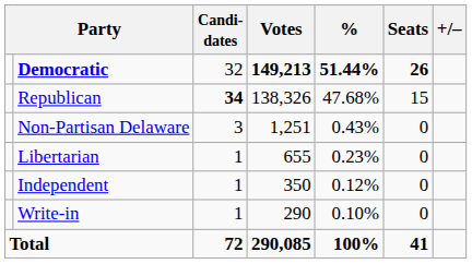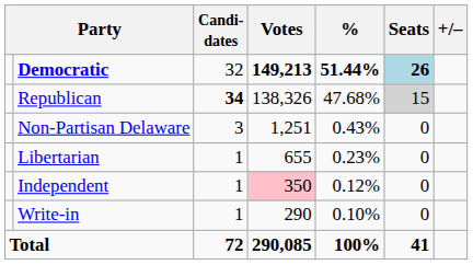 <table class="wikitable" style="font-size:100%; text-align:right;">
 <tr>
 <th colspan=2>Party</th>
 <th><small>Candi-<br>dates</small></th>
 <th>Votes</th>
 <th>%</th>
 <th>Seats</th>
 <th>+/–</th>
 </tr>
 <tr>
 <td style="background:"></td>
 <td align=left><strong><a href='#'>Democratic</a></strong></td>
 <td>32</td>
 <td><strong>149,213</strong></td>
 <td><strong>51.44%</strong></td>
-<td><strong>26</strong></td>
+<td style="background: lightblue;"><strong>26</strong></td>
 <td></td>
 </tr>
 <tr>
 <td style="background:"></td>
 <td align=left><a href='#'>Republican</a></td>
 <td><strong>34</strong></td>
 <td>138,326</td>
 <td>47.68%</td>
-<td>15</td>
+<td style="background: lightgrey;">15</td>
 <td></td>
 </tr>
 <tr>
 <td style="background:"></td>
 <td align=left><a href='#'>Non-Partisan Delaware</a></td>
 <td>3</td>
 <td>1,251</td>
 <td>0.43%</td>
 <td>0</td>
 <td></td>
 </tr>
 <tr>
 <td style="background:"></td>
 <td align=left><a href='#'>Libertarian</a></td>
 <td>1</td>
 <td>655</td>
 <td>0.23%</td>
 <td>0</td>
 <td></td>
 </tr>
 <tr>
 <td style="background:"></td>
 <td align=left><a href='#'>Independent</a></td>
 <td>1</td>
-<td>350</td>
+<td style="background: pink;">350</td>
 <td>0.12%</td>
 <td>0</td>
 <td></td>
 </tr>
 <tr>
 <td style="background:"></td>
 <td align=left><a href='#'>Write-in</a></td>
 <td>1</td>
 <td>290</td>
 <td>0.10%</td>
 <td>0</td>
 <td></td>
 </tr>
 <tr style="font-weight:bold">
 <td colspan=2 align=left>Total</td>
 <td>72</td>
 <td>290,085</td>
 <td>100%</td>
 <td>41</td>
 <td></td>
 </tr>
 </table>
